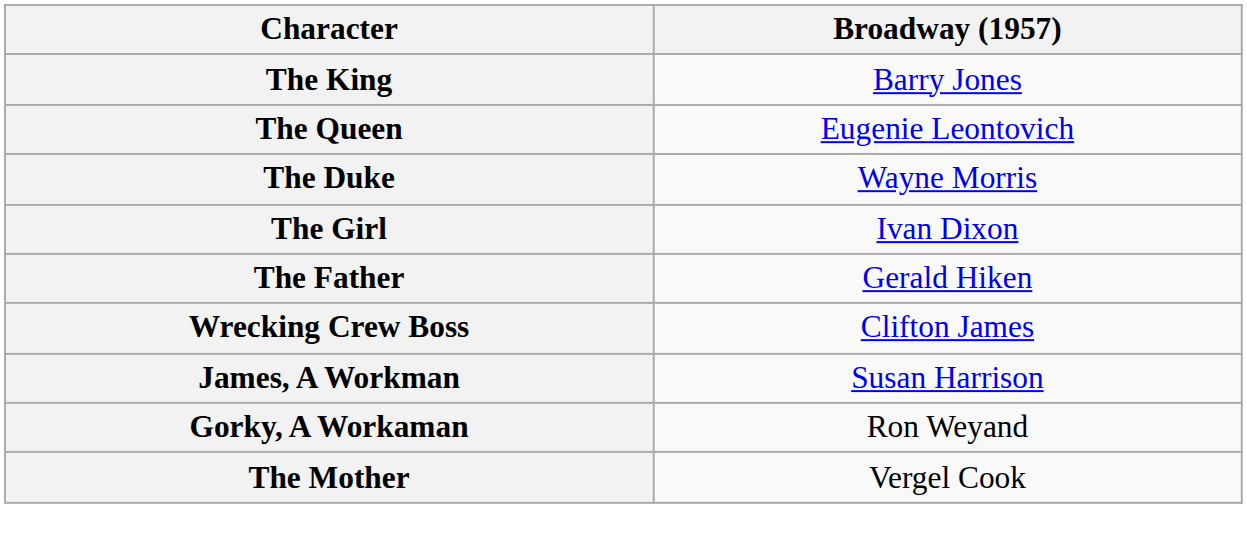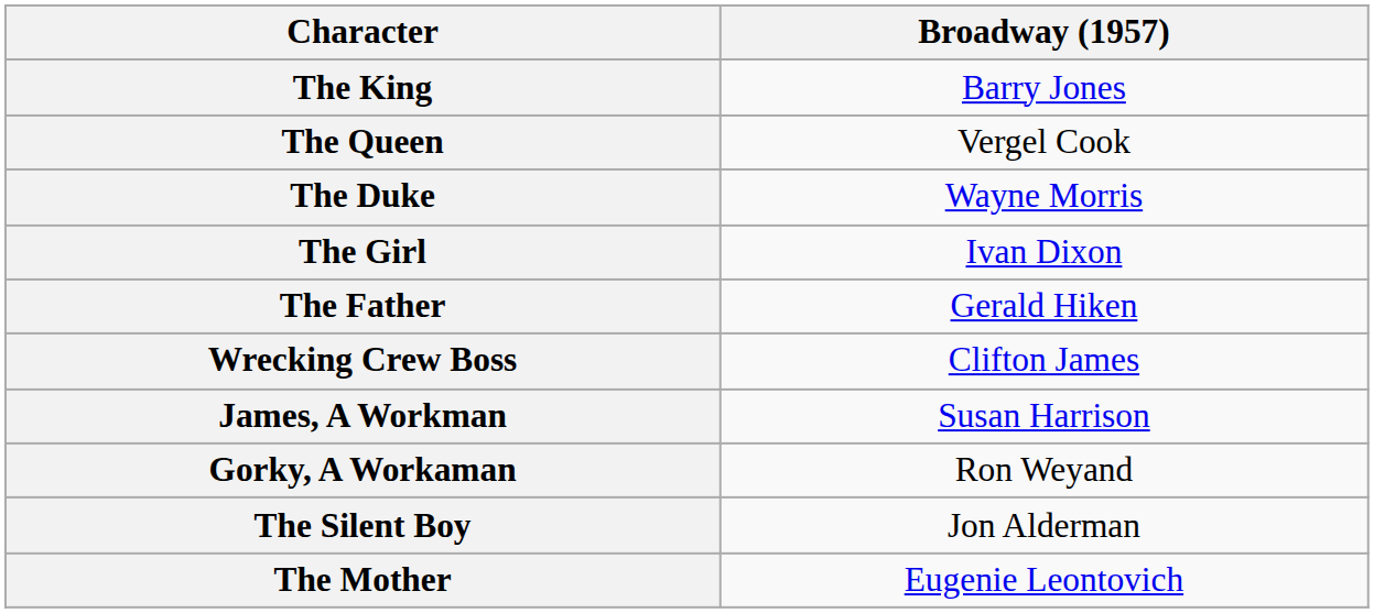 <table class="wikitable" style="width:50%; text-align:center">
 <tr>
 <th scope="col">Character</th>
 <th>Broadway (1957)</th>
 </tr>
 <tr>
 <th>The King</th>
 <td colspan="1"><a href='#'>Barry Jones</a></td>
 </tr>
 <tr>
 <th>The Queen</th>
-<td colspan="1”"><a href='#'>Eugenie Leontovich</a></td>
+<td colspan="1">Vergel Cook</td>
 </tr>
 <tr>
 <th>The Duke</th>
 <td colspan="1”"><a href='#'>Wayne Morris</a></td>
 </tr>
 <tr>
 <th>The Girl</th>
 <td colspan="1"><a href='#'>Ivan Dixon</a></td>
 </tr>
 <tr>
 <th>The Father</th>
 <td colspan="1"><a href='#'>Gerald Hiken</a></td>
 </tr>
 <tr>
 <th>Wrecking Crew Boss</th>
 <td colspan="1"><a href='#'>Clifton James</a></td>
 </tr>
 <tr>
 <th>James, A Workman</th>
 <td colspan="1"><a href='#'>Susan Harrison</a></td>
 </tr>
 <tr>
 <th>Gorky, A Workaman</th>
 <td colspan="1">Ron Weyand</td>
 </tr>
 <tr>
+<th>The Silent Boy</th>
+<td colspan="1">Jon Alderman</td>
+</tr>
+<tr>
 <th>The Mother</th>
-<td colspan="1">Vergel Cook</td>
+<td colspan="1”"><a href='#'>Eugenie Leontovich</a></td>
 </tr>
 </table>
